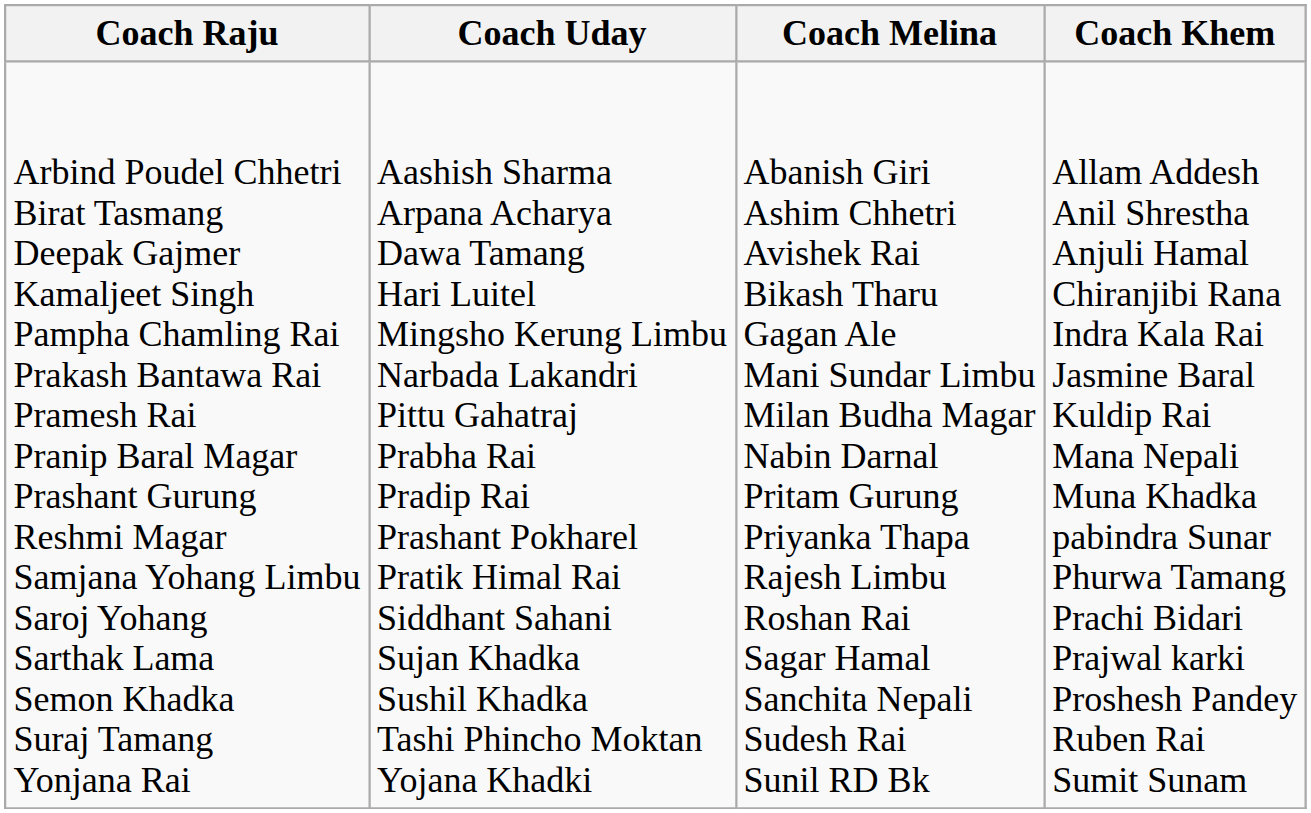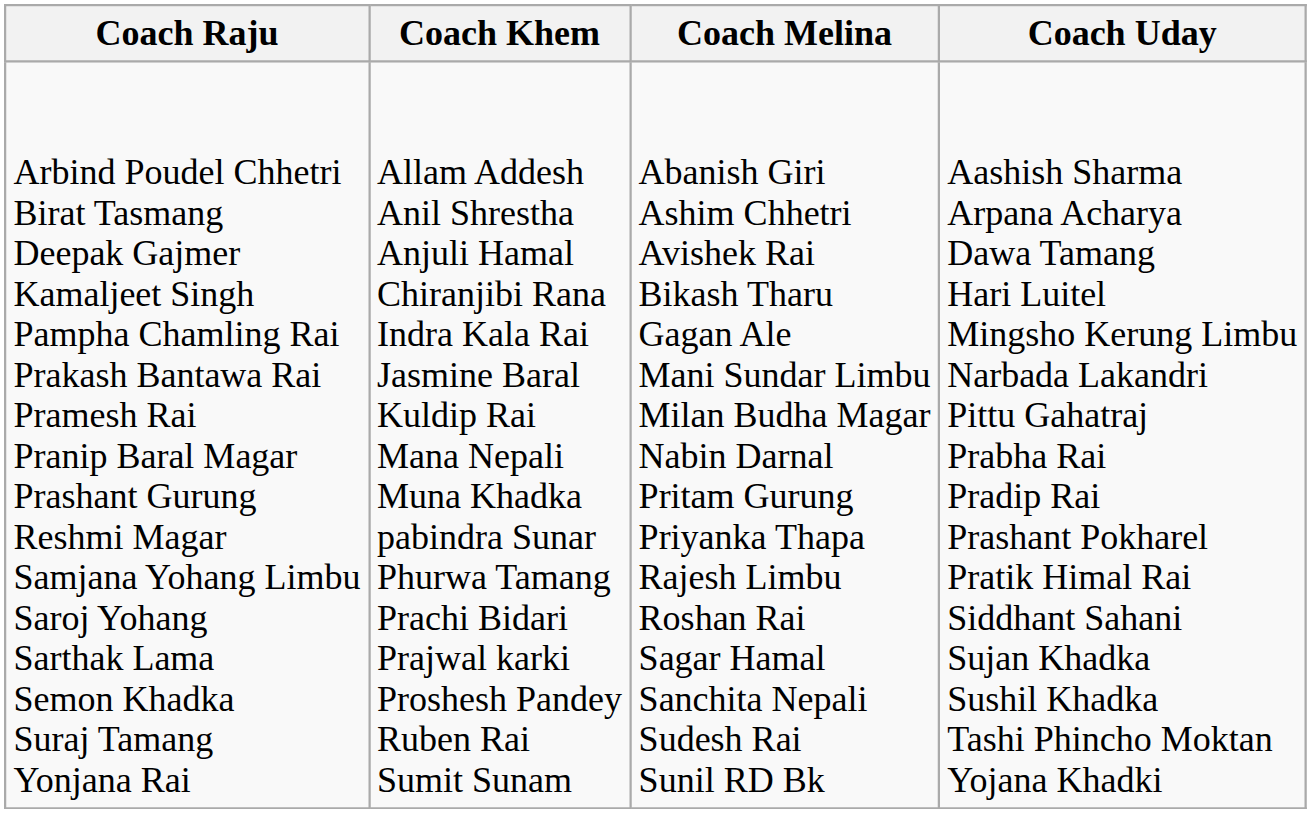 <table class="wikitable">
 <tr>
 <th>Coach Raju</th>
+<th>Coach Khem</th>
+<th>Coach Melina</th>
 <th>Coach Uday</th>
-<th>Coach Melina</th>
-<th>Coach Khem</th>
 </tr>
 <tr>
 <td><br><br>Arbind Poudel Chhetri <br>Birat Tasmang <br>Deepak Gajmer <br>Kamaljeet Singh <br>Pampha Chamling Rai <br>Prakash Bantawa Rai <br>Pramesh Rai <br>Pranip Baral Magar <br>Prashant Gurung <br>Reshmi Magar <br>Samjana Yohang Limbu <br>Saroj Yohang <br>Sarthak Lama <br>Semon Khadka <br>Suraj Tamang <br>Yonjana Rai</td>
+<td><br><br>Allam Addesh <br>Anil Shrestha <br>Anjuli Hamal <br>Chiranjibi Rana <br>Indra Kala Rai <br>Jasmine Baral <br>Kuldip Rai <br>Mana Nepali <br>Muna Khadka <br>pabindra Sunar <br>Phurwa Tamang <br>Prachi Bidari <br>Prajwal karki <br>Proshesh Pandey <br>Ruben Rai <br>Sumit Sunam</td>
+<td><br><br>Abanish Giri <br>Ashim Chhetri <br>Avishek Rai <br>Bikash Tharu <br>Gagan Ale <br>Mani Sundar Limbu <br>Milan Budha Magar <br>Nabin Darnal <br>Pritam Gurung <br>Priyanka Thapa <br>Rajesh Limbu <br>Roshan Rai <br>Sagar Hamal <br>Sanchita Nepali <br>Sudesh Rai <br>Sunil RD Bk</td>
 <td><br><br>Aashish Sharma <br>Arpana Acharya <br>Dawa Tamang <br>Hari Luitel <br>Mingsho Kerung Limbu <br>Narbada Lakandri <br>Pittu Gahatraj <br>Prabha Rai <br>Pradip Rai <br>Prashant Pokharel <br>Pratik Himal Rai <br>Siddhant Sahani <br>Sujan Khadka <br>Sushil Khadka <br>Tashi Phincho Moktan <br>Yojana Khadki</td>
-<td><br><br>Abanish Giri <br>Ashim Chhetri <br>Avishek Rai <br>Bikash Tharu <br>Gagan Ale <br>Mani Sundar Limbu <br>Milan Budha Magar <br>Nabin Darnal <br>Pritam Gurung <br>Priyanka Thapa <br>Rajesh Limbu <br>Roshan Rai <br>Sagar Hamal <br>Sanchita Nepali <br>Sudesh Rai <br>Sunil RD Bk</td>
-<td><br><br>Allam Addesh <br>Anil Shrestha <br>Anjuli Hamal <br>Chiranjibi Rana <br>Indra Kala Rai <br>Jasmine Baral <br>Kuldip Rai <br>Mana Nepali <br>Muna Khadka <br>pabindra Sunar <br>Phurwa Tamang <br>Prachi Bidari <br>Prajwal karki <br>Proshesh Pandey <br>Ruben Rai <br>Sumit Sunam</td>
 </tr>
 </table>
